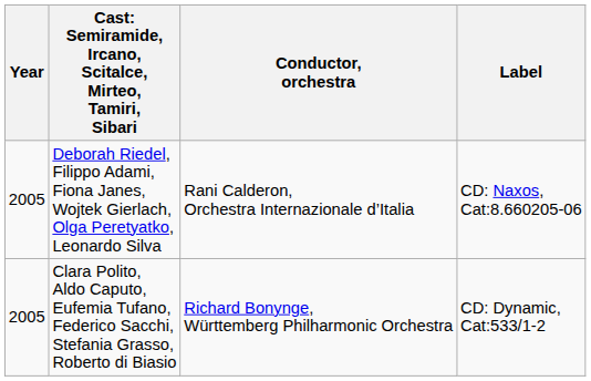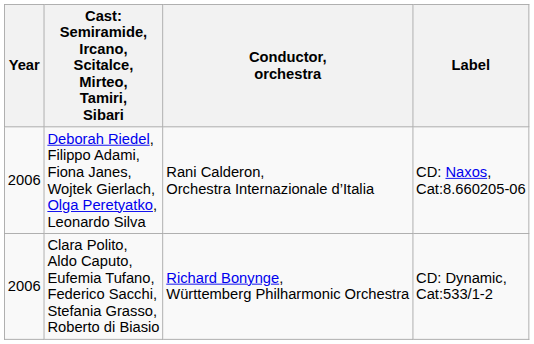 <table class="wikitable">
 <tr>
 <th>Year</th>
 <th>Cast:<br>Semiramide,<br>Ircano,<br>Scitalce,<br>Mirteo,<br>Tamiri,<br>Sibari</th>
 <th>Conductor,<br>orchestra<br></th>
 <th>Label</th>
 </tr>
 <tr>
-<td>2005</td>
+<td>2006</td>
 <td><a href='#'>Deborah Riedel</a>,<br>Filippo Adami,<br>Fiona Janes,<br>Wojtek Gierlach,<br><a href='#'>Olga Peretyatko</a>,<br>Leonardo Silva</td>
 <td>Rani Calderon,<br>Orchestra Internazionale d’Italia</td>
 <td>CD: <a href='#'>Naxos</a>,<br>Cat:8.660205-06</td>
 </tr>
 <tr>
-<td>2005</td>
+<td>2006</td>
 <td>Clara Polito,<br>Aldo Caputo,<br>Eufemia Tufano,<br>Federico Sacchi,<br>Stefania Grasso,<br>Roberto di Biasio</td>
 <td><a href='#'>Richard Bonynge</a>,<br>Württemberg Philharmonic Orchestra</td>
 <td>CD: Dynamic,<br>Cat:533/1-2</td>
 </tr>
 </table>
